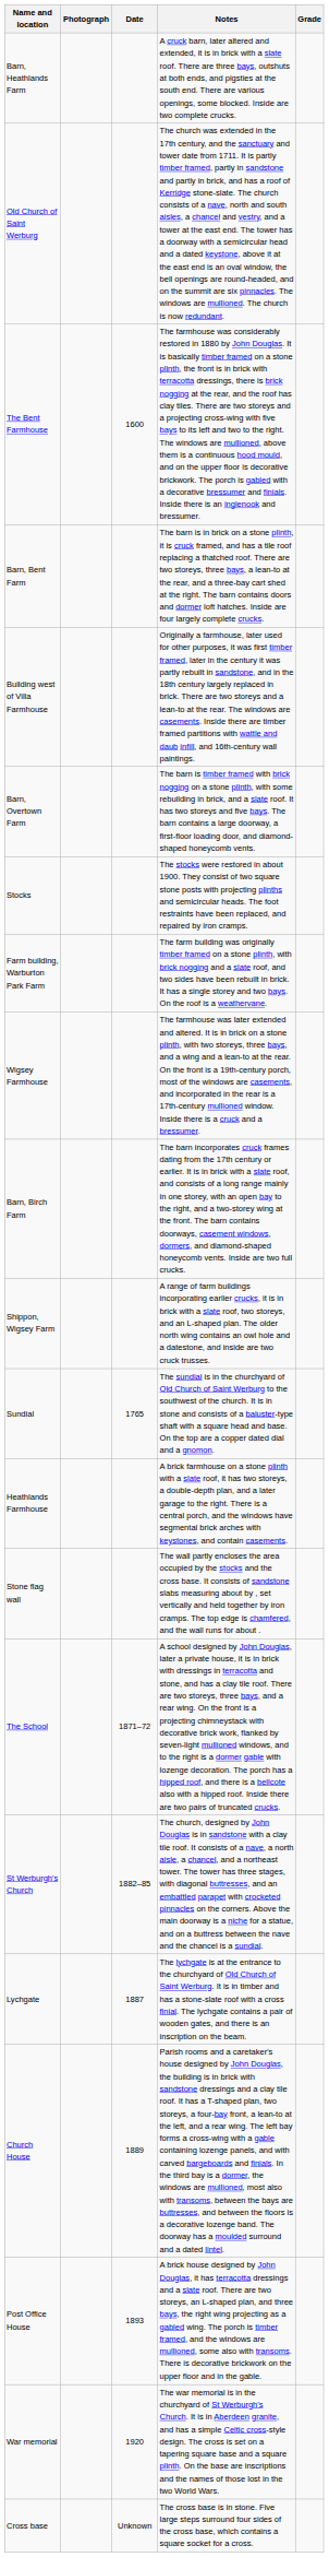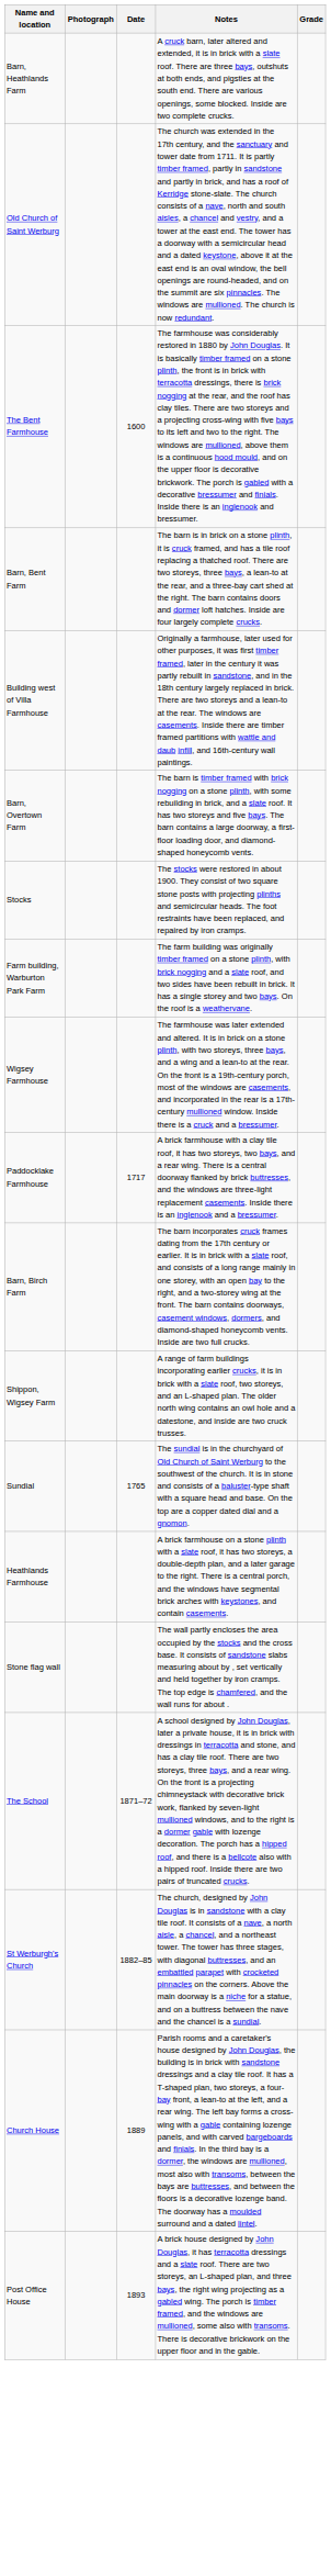 <table class="wikitable sortable plainrowheaders" style="width:100%; border:0; text-align:left; line-height:150%;">
 <tr>
 <th scope="col"  style="width:150px">Name and location</th>
 <th scope="col"  style="width:100px" class="unsortable">Photograph</th>
 <th scope="col"  style="width:120px">Date</th>
 <th scope="col"  style="width:650px" class="unsortable">Notes</th>
 <th scope="col"  style="width:50px">Grade</th>
 </tr>
 <tr>
 <td>Barn, Heathlands Farm<br><small></small></td>
 <td></td>
 <td align="center"></td>
 <td>A <a href='#'>cruck</a> barn, later altered and extended, it is in brick with a <a href='#'>slate</a> roof. There are three <a href='#'>bays</a>, outshuts at both ends, and pigsties at the south end. There are various openings, some blocked. Inside are two complete crucks.</td>
 <td align="center" ></td>
 </tr>
 <tr>
 <td><a href='#'>Old Church of Saint Werburg</a><br><small></small></td>
 <td></td>
 <td align="center"></td>
 <td>The church was extended in the 17th century, and the <a href='#'>sanctuary</a> and tower date from 1711. It is partly <a href='#'>timber framed</a>, partly in <a href='#'>sandstone</a> and partly in brick, and has a roof of <a href='#'>Kerridge</a> stone-slate. The church consists of a <a href='#'>nave</a>, north and south <a href='#'>aisles</a>, a <a href='#'>chancel</a> and <a href='#'>vestry</a>, and a tower at the east end. The tower has a doorway with a semicircular head and a dated <a href='#'>keystone</a>, above it at the east end is an oval window, the bell openings are round-headed, and on the summit are six <a href='#'>pinnacles</a>. The windows are <a href='#'>mullioned</a>. The church is now <a href='#'>redundant</a>.</td>
 <td align="center" ></td>
 </tr>
 <tr>
 <td><a href='#'>The Bent Farmhouse</a><br><small></small></td>
 <td></td>
 <td align="center">1600</td>
 <td>The farmhouse was considerably restored in 1880 by <a href='#'>John Douglas</a>. It is basically <a href='#'>timber framed</a> on a stone <a href='#'>plinth</a>, the front is in brick with <a href='#'>terracotta</a> dressings, there is <a href='#'>brick nogging</a> at the rear, and the roof has clay tiles. There are two storeys and a projecting cross-wing with five <a href='#'>bays</a> to its left and two to the right. The windows are <a href='#'>mullioned</a>, above them is a continuous <a href='#'>hood mould</a>, and on the upper floor is decorative brickwork. The porch is <a href='#'>gabled</a> with a decorative <a href='#'>bressumer</a> and <a href='#'>finials</a>. Inside there is an <a href='#'>inglenook</a> and bressumer.</td>
 <td align="center" ></td>
 </tr>
 <tr>
 <td>Barn, Bent Farm<br><small></small></td>
 <td></td>
 <td align="center"></td>
 <td>The barn is in brick on a stone <a href='#'>plinth</a>, it is <a href='#'>cruck</a> framed, and has a tile roof replacing a thatched roof. There are two storeys, three <a href='#'>bays</a>, a lean-to at the rear, and a three-bay cart shed at the right. The barn contains doors and <a href='#'>dormer</a> loft hatches. Inside are four largely complete <a href='#'>crucks</a>.</td>
 <td align="center" ></td>
 </tr>
 <tr>
 <td>Building west of Villa Farmhouse<br><small></small></td>
 <td></td>
 <td align="center"></td>
 <td>Originally a farmhouse, later used for other purposes, it was first <a href='#'>timber framed</a>, later in the century it was partly rebuilt in <a href='#'>sandstone</a>, and in the 18th century largely replaced in brick. There are two storeys and a lean-to at the rear. The windows are <a href='#'>casements</a>. Inside there are timber framed partitions with <a href='#'>wattle and daub</a> <a href='#'>infill</a>, and 16th-century wall paintings.</td>
 <td align="center" ></td>
 </tr>
 <tr>
 <td>Barn, Overtown Farm<br><small></small></td>
 <td></td>
 <td align="center"></td>
 <td>The barn is <a href='#'>timber framed</a> with <a href='#'>brick nogging</a> on a stone <a href='#'>plinth</a>, with some rebuilding in brick, and a <a href='#'>slate</a> roof. It has two storeys and five <a href='#'>bays</a>. The barn contains a large doorway, a first-floor loading door, and diamond-shaped honeycomb vents.</td>
 <td align="center" ></td>
 </tr>
 <tr>
 <td>Stocks<br><small></small></td>
 <td></td>
 <td align="center"></td>
 <td>The <a href='#'>stocks</a> were restored in about 1900. They consist of two square stone posts with projecting <a href='#'>plinths</a> and semicircular heads. The foot restraints have been replaced, and repaired by iron cramps.</td>
 <td align="center" ></td>
 </tr>
 <tr>
 <td>Farm building, Warburton Park Farm<br><small></small></td>
 <td></td>
 <td align="center"></td>
 <td>The farm building was originally <a href='#'>timber framed</a> on a stone <a href='#'>plinth</a>, with <a href='#'>brick nogging</a> and a <a href='#'>slate</a> roof, and two sides have been rebuilt in brick. It has a single storey and two <a href='#'>bays</a>. On the roof is a <a href='#'>weathervane</a>.</td>
 <td align="center" ></td>
 </tr>
 <tr>
 <td>Wigsey Farmhouse<br><small></small></td>
 <td></td>
 <td align="center"></td>
 <td>The farmhouse was later extended and altered. It is in brick on a stone <a href='#'>plinth</a>, with two storeys, three <a href='#'>bays</a>, and a wing and a lean-to at the rear. On the front is a 19th-century porch, most of the windows are <a href='#'>casements</a>, and incorporated in the rear is a 17th-century <a href='#'>mullioned</a> window. Inside there is a <a href='#'>cruck</a> and a <a href='#'>bressumer</a>.</td>
 <td align="center" ></td>
 </tr>
 <tr>
+<td>Paddocklake Farmhouse<br><small></small></td>
+<td></td>
+<td align="center">1717</td>
+<td>A brick farmhouse with a clay tile roof, it has two storeys, two <a href='#'>bays</a>, and a rear wing. There is a central doorway flanked by brick <a href='#'>buttresses</a>, and the windows are three-light replacement <a href='#'>casements</a>. Inside there is an <a href='#'>inglenook</a> and a <a href='#'>bressumer</a>.</td>
+<td align="center" ></td>
+</tr>
+<tr>
 <td>Barn, Birch Farm<br><small></small></td>
 <td></td>
 <td align="center"></td>
 <td>The barn incorporates <a href='#'>cruck</a> frames dating from the 17th century or earlier. It is in brick with a <a href='#'>slate</a> roof, and consists of a long range mainly in one storey, with an open <a href='#'>bay</a> to the right, and a two-storey wing at the front. The barn contains doorways, <a href='#'>casement windows</a>, <a href='#'>dormers</a>, and diamond-shaped honeycomb vents. Inside are two full crucks.</td>
 <td align="center" ></td>
 </tr>
 <tr>
 <td>Shippon, Wigsey Farm<br><small></small></td>
 <td></td>
 <td align="center"></td>
 <td>A range of farm buildings incorporating earlier <a href='#'>crucks</a>, it is in brick with a <a href='#'>slate</a> roof, two storeys, and an L-shaped plan. The older north wing contains an owl hole and a datestone, and inside are two cruck trusses.</td>
 <td align="center" ></td>
 </tr>
 <tr>
 <td>Sundial<br><small></small></td>
 <td></td>
 <td align="center">1765</td>
 <td>The <a href='#'>sundial</a> is in the churchyard of <a href='#'>Old Church of Saint Werburg</a> to the southwest of the church. It is in stone and consists of a <a href='#'>baluster</a>-type shaft with a square head and base. On the top are a copper dated dial and a <a href='#'>gnomon</a>.</td>
 <td align="center" ></td>
 </tr>
 <tr>
 <td>Heathlands Farmhouse<br><small></small></td>
 <td></td>
 <td align="center"></td>
 <td>A brick farmhouse on a stone <a href='#'>plinth</a> with a <a href='#'>slate</a> roof, it has two storeys, a double-depth plan, and a later garage to the right. There is a central porch, and the windows have segmental brick arches with <a href='#'>keystones</a>, and contain <a href='#'>casements</a>.</td>
 <td align="center" ></td>
 </tr>
 <tr>
 <td>Stone flag wall<br><small></small></td>
 <td></td>
 <td align="center"></td>
 <td>The wall partly encloses the area occupied by the <a href='#'>stocks</a> and the cross base. It consists of <a href='#'>sandstone</a> slabs measuring about  by , set vertically and held together by iron cramps. The top edge is <a href='#'>chamfered</a>, and the wall runs for about .</td>
 <td align="center" ></td>
 </tr>
 <tr>
 <td><a href='#'>The School</a><br><small></small></td>
 <td></td>
 <td align="center">1871–72</td>
 <td>A school designed by <a href='#'>John Douglas</a>, later a private house, it is in brick with dressings in <a href='#'>terracotta</a> and stone, and has a clay tile roof. There are two storeys, three <a href='#'>bays</a>, and a rear wing. On the front is a projecting chimneystack with decorative brick work, flanked by seven-light <a href='#'>mullioned</a> windows, and to the right is a <a href='#'>dormer</a> <a href='#'>gable</a> with lozenge decoration. The porch has a <a href='#'>hipped roof</a>, and there is a <a href='#'>bellcote</a> also with a hipped roof. Inside there are two pairs of truncated <a href='#'>crucks</a>.</td>
 <td align="center" ></td>
 </tr>
 <tr>
 <td><a href='#'>St Werburgh's Church</a><br><small></small></td>
 <td></td>
 <td align="center">1882–85</td>
 <td>The church, designed by <a href='#'>John Douglas</a> is in <a href='#'>sandstone</a> with a clay tile roof. It consists of a <a href='#'>nave</a>, a north <a href='#'>aisle</a>, a <a href='#'>chancel</a>, and a northeast tower. The tower has three stages, with diagonal <a href='#'>buttresses</a>, and an <a href='#'>embattled</a> <a href='#'>parapet</a> with <a href='#'>crocketed</a> <a href='#'>pinnacles</a> on the corners. Above the main doorway is a <a href='#'>niche</a> for a statue, and on a buttress between the nave and the chancel is a <a href='#'>sundial</a>.</td>
 <td align="center" ></td>
 </tr>
 <tr>
-<td>Lychgate<br><small></small></td>
-<td></td>
-<td align="center">1887</td>
-<td>The <a href='#'>lychgate</a> is at the entrance to the churchyard of <a href='#'>Old Church of Saint Werburg</a>. It is in timber and has a stone-slate roof with a cross <a href='#'>finial</a>. The lychgate contains a pair of wooden gates, and there is an inscription on the beam.</td>
-<td align="center" ></td>
-</tr>
-<tr>
 <td><a href='#'>Church House</a><br><small></small></td>
 <td></td>
 <td align="center">1889</td>
 <td>Parish rooms and a caretaker's house designed by <a href='#'>John Douglas</a>, the building is in brick with <a href='#'>sandstone</a> dressings and a clay tile roof. It has a T-shaped plan, two storeys, a four-<a href='#'>bay</a> front, a lean-to at the left, and a rear wing. The left bay forms a cross-wing with a <a href='#'>gable</a> containing lozenge panels, and with carved <a href='#'>bargeboards</a> and <a href='#'>finials</a>. In the third bay is a <a href='#'>dormer</a>, the windows are <a href='#'>mullioned</a>, most also with <a href='#'>transoms</a>, between the bays are <a href='#'>buttresses</a>, and between the floors is a decorative lozenge band. The doorway has a <a href='#'>moulded</a> surround and a dated <a href='#'>lintel</a>.</td>
 <td align="center" ></td>
 </tr>
 <tr>
 <td>Post Office House<br><small></small></td>
 <td></td>
 <td align="center">1893</td>
 <td>A brick house designed by <a href='#'>John Douglas</a>, it has <a href='#'>terracotta</a> dressings and a <a href='#'>slate</a> roof. There are two storeys, an L-shaped plan, and three <a href='#'>bays</a>, the right wing projecting as a <a href='#'>gabled</a> wing. The porch is <a href='#'>timber framed</a>, and the windows are <a href='#'>mullioned</a>, some also with <a href='#'>transoms</a>. There is decorative brickwork on the upper floor and in the gable.</td>
 <td align="center" ></td>
 </tr>
 <tr>
-<td>War memorial<br><small></small></td>
-<td></td>
-<td align="center">1920</td>
-<td>The war memorial is in the churchyard of <a href='#'>St Werburgh's Church</a>. It is in <a href='#'>Aberdeen</a> <a href='#'>granite</a>, and has a simple <a href='#'>Celtic cross</a>-style design. The cross is set on a tapering square base and a square <a href='#'>plinth</a>. On the base are inscriptions and the names of those lost in the two World Wars.</td>
-<td align="center" ></td>
-</tr>
-<tr>
-<td>Cross base<br><small></small></td>
-<td></td>
-<td align="center">Unknown</td>
-<td>The cross base is in stone. Five large steps surround four sides of the cross base, which contains a square socket for a cross.</td>
-<td align="center" ></td>
-</tr>
-<tr>
 </tr>
 </table>
